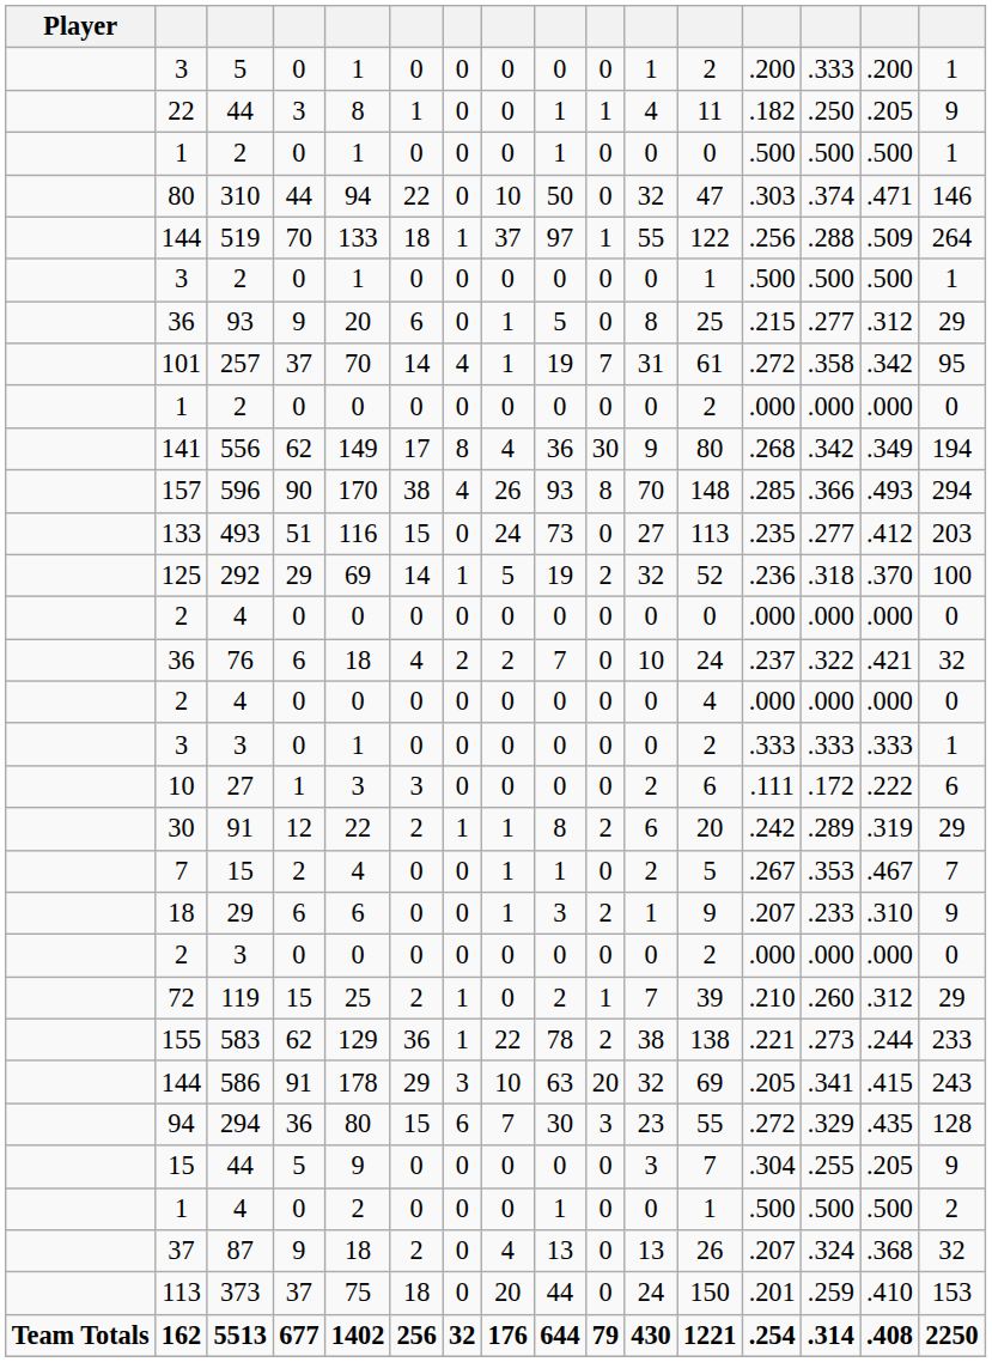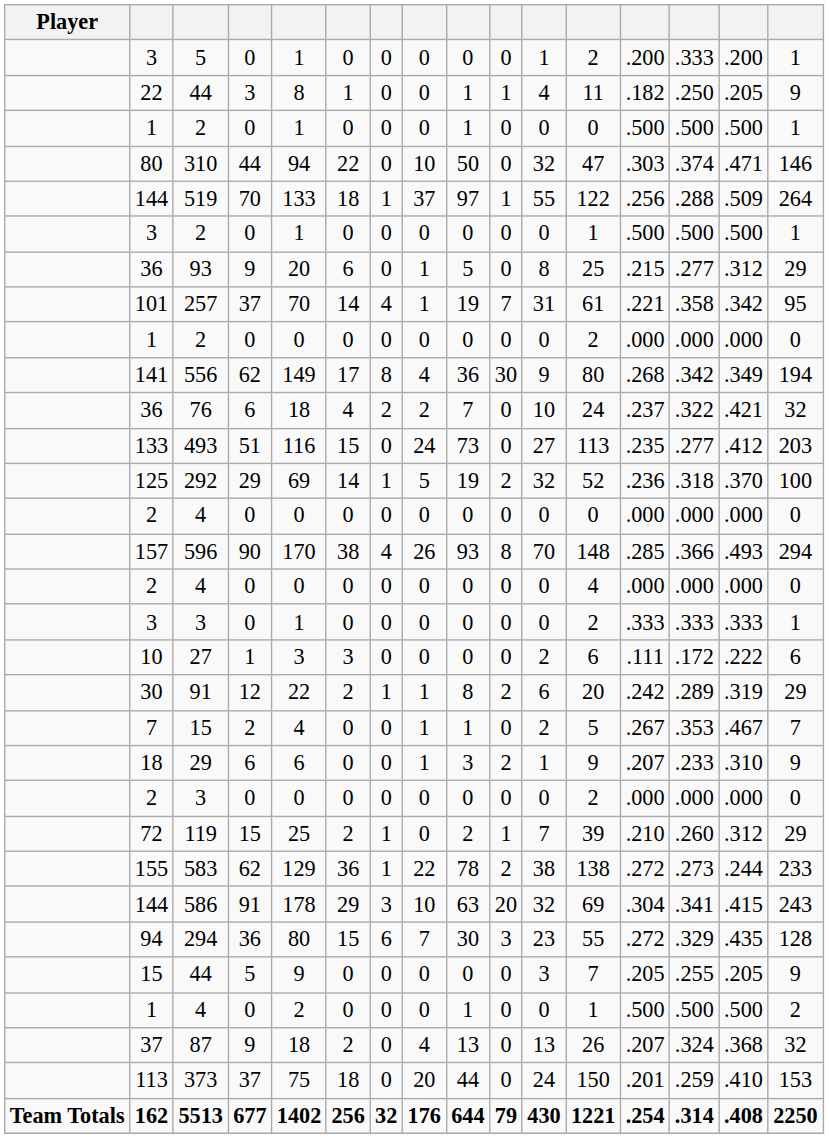 <table class="wikitable sortable" style="text-align:center;">
 <tr>
 <th>Player</th>
 <th></th>
 <th></th>
 <th></th>
 <th></th>
 <th></th>
 <th></th>
 <th></th>
 <th></th>
 <th></th>
 <th></th>
 <th></th>
 <th></th>
 <th></th>
 <th></th>
 <th></th>
 </tr>
 <tr>
 <td align=left></td>
 <td>3</td>
 <td>5</td>
 <td>0</td>
 <td>1</td>
 <td>0</td>
 <td>0</td>
 <td>0</td>
 <td>0</td>
 <td>0</td>
 <td>1</td>
 <td>2</td>
 <td>.200</td>
 <td>.333</td>
 <td>.200</td>
 <td>1</td>
 </tr>
 <tr>
 <td align=left><strong></strong></td>
 <td>22</td>
 <td>44</td>
 <td>3</td>
 <td>8</td>
 <td>1</td>
 <td>0</td>
 <td>0</td>
 <td>1</td>
 <td>1</td>
 <td>4</td>
 <td>11</td>
 <td>.182</td>
 <td>.250</td>
 <td>.205</td>
 <td>9</td>
 </tr>
 <tr>
 <td align=left></td>
 <td>1</td>
 <td>2</td>
 <td>0</td>
 <td>1</td>
 <td>0</td>
 <td>0</td>
 <td>0</td>
 <td>1</td>
 <td>0</td>
 <td>0</td>
 <td>0</td>
 <td>.500</td>
 <td>.500</td>
 <td>.500</td>
 <td>1</td>
 </tr>
 <tr>
 <td align=left><strong></strong></td>
 <td>80</td>
 <td>310</td>
 <td>44</td>
 <td>94</td>
 <td>22</td>
 <td>0</td>
 <td>10</td>
 <td>50</td>
 <td>0</td>
 <td>32</td>
 <td>47</td>
 <td>.303</td>
 <td>.374</td>
 <td>.471</td>
 <td>146</td>
 </tr>
 <tr>
 <td align=left><strong></strong></td>
 <td>144</td>
 <td>519</td>
 <td>70</td>
 <td>133</td>
 <td>18</td>
 <td>1</td>
 <td>37</td>
 <td>97</td>
 <td>1</td>
 <td>55</td>
 <td>122</td>
 <td>.256</td>
 <td>.288</td>
 <td>.509</td>
 <td>264</td>
 </tr>
 <tr>
 <td align=left><strong></strong></td>
 <td>3</td>
 <td>2</td>
 <td>0</td>
 <td>1</td>
 <td>0</td>
 <td>0</td>
 <td>0</td>
 <td>0</td>
 <td>0</td>
 <td>0</td>
 <td>1</td>
 <td>.500</td>
 <td>.500</td>
 <td>.500</td>
 <td>1</td>
 </tr>
 <tr>
 <td align=left><strong></strong></td>
 <td>36</td>
 <td>93</td>
 <td>9</td>
 <td>20</td>
 <td>6</td>
 <td>0</td>
 <td>1</td>
 <td>5</td>
 <td>0</td>
 <td>8</td>
 <td>25</td>
 <td>.215</td>
 <td>.277</td>
 <td>.312</td>
 <td>29</td>
 </tr>
 <tr>
 <td align=left><strong></strong></td>
 <td>101</td>
 <td>257</td>
 <td>37</td>
 <td>70</td>
 <td>14</td>
 <td>4</td>
 <td>1</td>
 <td>19</td>
 <td>7</td>
 <td>31</td>
 <td>61</td>
-<td>.272</td>
+<td>.221</td>
 <td>.358</td>
 <td>.342</td>
 <td>95</td>
 </tr>
 <tr>
 <td align=left><strong></strong></td>
 <td>1</td>
 <td>2</td>
 <td>0</td>
 <td>0</td>
 <td>0</td>
 <td>0</td>
 <td>0</td>
 <td>0</td>
 <td>0</td>
 <td>0</td>
 <td>2</td>
 <td>.000</td>
 <td>.000</td>
 <td>.000</td>
 <td>0</td>
 </tr>
 <tr>
 <td align=left><strong></strong></td>
 <td>141</td>
 <td>556</td>
 <td>62</td>
 <td>149</td>
 <td>17</td>
 <td>8</td>
 <td>4</td>
 <td>36</td>
 <td>30</td>
 <td>9</td>
 <td>80</td>
 <td>.268</td>
 <td>.342</td>
 <td>.349</td>
 <td>194</td>
 </tr>
 <tr>
 <td align=left><strong></strong></td>
-<td>157</td>
-<td>596</td>
-<td>90</td>
-<td>170</td>
-<td>38</td>
+<td>36</td>
+<td>76</td>
+<td>6</td>
+<td>18</td>
 <td>4</td>
-<td>26</td>
-<td>93</td>
-<td>8</td>
-<td>70</td>
-<td>148</td>
-<td>.285</td>
-<td>.366</td>
-<td>.493</td>
-<td>294</td>
+<td>2</td>
+<td>2</td>
+<td>7</td>
+<td>0</td>
+<td>10</td>
+<td>24</td>
+<td>.237</td>
+<td>.322</td>
+<td>.421</td>
+<td>32</td>
 </tr>
 <tr>
 <td align=left><strong></strong></td>
 <td>133</td>
 <td>493</td>
 <td>51</td>
 <td>116</td>
 <td>15</td>
 <td>0</td>
 <td>24</td>
 <td>73</td>
 <td>0</td>
 <td>27</td>
 <td>113</td>
 <td>.235</td>
 <td>.277</td>
 <td>.412</td>
 <td>203</td>
 </tr>
 <tr>
 <td align=left><strong></strong></td>
 <td>125</td>
 <td>292</td>
 <td>29</td>
 <td>69</td>
 <td>14</td>
 <td>1</td>
 <td>5</td>
 <td>19</td>
 <td>2</td>
 <td>32</td>
 <td>52</td>
 <td>.236</td>
 <td>.318</td>
 <td>.370</td>
 <td>100</td>
 </tr>
 <tr>
 <td align=left><strong></strong></td>
 <td>2</td>
 <td>4</td>
 <td>0</td>
 <td>0</td>
 <td>0</td>
 <td>0</td>
 <td>0</td>
 <td>0</td>
 <td>0</td>
 <td>0</td>
 <td>0</td>
 <td>.000</td>
 <td>.000</td>
 <td>.000</td>
 <td>0</td>
 </tr>
 <tr>
 <td align=left><strong></strong></td>
-<td>36</td>
-<td>76</td>
-<td>6</td>
-<td>18</td>
+<td>157</td>
+<td>596</td>
+<td>90</td>
+<td>170</td>
+<td>38</td>
 <td>4</td>
-<td>2</td>
-<td>2</td>
-<td>7</td>
-<td>0</td>
-<td>10</td>
-<td>24</td>
-<td>.237</td>
-<td>.322</td>
-<td>.421</td>
-<td>32</td>
+<td>26</td>
+<td>93</td>
+<td>8</td>
+<td>70</td>
+<td>148</td>
+<td>.285</td>
+<td>.366</td>
+<td>.493</td>
+<td>294</td>
 </tr>
 <tr>
 <td align=left><strong></strong></td>
 <td>2</td>
 <td>4</td>
 <td>0</td>
 <td>0</td>
 <td>0</td>
 <td>0</td>
 <td>0</td>
 <td>0</td>
 <td>0</td>
 <td>0</td>
 <td>4</td>
 <td>.000</td>
 <td>.000</td>
 <td>.000</td>
 <td>0</td>
 </tr>
 <tr>
 <td align=left><strong></strong></td>
 <td>3</td>
 <td>3</td>
 <td>0</td>
 <td>1</td>
 <td>0</td>
 <td>0</td>
 <td>0</td>
 <td>0</td>
 <td>0</td>
 <td>0</td>
 <td>2</td>
 <td>.333</td>
 <td>.333</td>
 <td>.333</td>
 <td>1</td>
 </tr>
 <tr>
 <td align=left></td>
 <td>10</td>
 <td>27</td>
 <td>1</td>
 <td>3</td>
 <td>3</td>
 <td>0</td>
 <td>0</td>
 <td>0</td>
 <td>0</td>
 <td>2</td>
 <td>6</td>
 <td>.111</td>
 <td>.172</td>
 <td>.222</td>
 <td>6</td>
 </tr>
 <tr>
 <td align=left><strong></strong></td>
 <td>30</td>
 <td>91</td>
 <td>12</td>
 <td>22</td>
 <td>2</td>
 <td>1</td>
 <td>1</td>
 <td>8</td>
 <td>2</td>
 <td>6</td>
 <td>20</td>
 <td>.242</td>
 <td>.289</td>
 <td>.319</td>
 <td>29</td>
 </tr>
 <tr>
 <td align=left></td>
 <td>7</td>
 <td>15</td>
 <td>2</td>
 <td>4</td>
 <td>0</td>
 <td>0</td>
 <td>1</td>
 <td>1</td>
 <td>0</td>
 <td>2</td>
 <td>5</td>
 <td>.267</td>
 <td>.353</td>
 <td>.467</td>
 <td>7</td>
 </tr>
 <tr>
 <td align=left><strong></strong></td>
 <td>18</td>
 <td>29</td>
 <td>6</td>
 <td>6</td>
 <td>0</td>
 <td>0</td>
 <td>1</td>
 <td>3</td>
 <td>2</td>
 <td>1</td>
 <td>9</td>
 <td>.207</td>
 <td>.233</td>
 <td>.310</td>
 <td>9</td>
 </tr>
 <tr>
 <td align=left><strong></strong></td>
 <td>2</td>
 <td>3</td>
 <td>0</td>
 <td>0</td>
 <td>0</td>
 <td>0</td>
 <td>0</td>
 <td>0</td>
 <td>0</td>
 <td>0</td>
 <td>2</td>
 <td>.000</td>
 <td>.000</td>
 <td>.000</td>
 <td>0</td>
 </tr>
 <tr>
 <td align=left><strong></strong></td>
 <td>72</td>
 <td>119</td>
 <td>15</td>
 <td>25</td>
 <td>2</td>
 <td>1</td>
 <td>0</td>
 <td>2</td>
 <td>1</td>
 <td>7</td>
 <td>39</td>
 <td>.210</td>
 <td>.260</td>
 <td>.312</td>
 <td>29</td>
 </tr>
 <tr>
 <td align=left><strong></strong></td>
 <td>155</td>
 <td>583</td>
 <td>62</td>
 <td>129</td>
 <td>36</td>
 <td>1</td>
 <td>22</td>
 <td>78</td>
 <td>2</td>
 <td>38</td>
 <td>138</td>
-<td>.221</td>
+<td>.272</td>
 <td>.273</td>
 <td>.244</td>
 <td>233</td>
 </tr>
 <tr>
 <td align=left><strong></strong></td>
 <td>144</td>
 <td>586</td>
 <td>91</td>
 <td>178</td>
 <td>29</td>
 <td>3</td>
 <td>10</td>
 <td>63</td>
 <td>20</td>
 <td>32</td>
 <td>69</td>
-<td>.205</td>
+<td>.304</td>
 <td>.341</td>
 <td>.415</td>
 <td>243</td>
 </tr>
 <tr>
 <td align=left><strong></strong></td>
 <td>94</td>
 <td>294</td>
 <td>36</td>
 <td>80</td>
 <td>15</td>
 <td>6</td>
 <td>7</td>
 <td>30</td>
 <td>3</td>
 <td>23</td>
 <td>55</td>
 <td>.272</td>
 <td>.329</td>
 <td>.435</td>
 <td>128</td>
 </tr>
 <tr>
 <td align=left></td>
 <td>15</td>
 <td>44</td>
 <td>5</td>
 <td>9</td>
 <td>0</td>
 <td>0</td>
 <td>0</td>
 <td>0</td>
 <td>0</td>
 <td>3</td>
 <td>7</td>
-<td>.304</td>
+<td>.205</td>
 <td>.255</td>
 <td>.205</td>
 <td>9</td>
 </tr>
 <tr>
 <td align=left></td>
 <td>1</td>
 <td>4</td>
 <td>0</td>
 <td>2</td>
 <td>0</td>
 <td>0</td>
 <td>0</td>
 <td>1</td>
 <td>0</td>
 <td>0</td>
 <td>1</td>
 <td>.500</td>
 <td>.500</td>
 <td>.500</td>
 <td>2</td>
 </tr>
 <tr>
 <td align=left><strong></strong></td>
 <td>37</td>
 <td>87</td>
 <td>9</td>
 <td>18</td>
 <td>2</td>
 <td>0</td>
 <td>4</td>
 <td>13</td>
 <td>0</td>
 <td>13</td>
 <td>26</td>
 <td>.207</td>
 <td>.324</td>
 <td>.368</td>
 <td>32</td>
 </tr>
 <tr>
 <td align=left><strong></strong></td>
 <td>113</td>
 <td>373</td>
 <td>37</td>
 <td>75</td>
 <td>18</td>
 <td>0</td>
 <td>20</td>
 <td>44</td>
 <td>0</td>
 <td>24</td>
 <td>150</td>
 <td>.201</td>
 <td>.259</td>
 <td>.410</td>
 <td>153</td>
 </tr>
 <tr>
 <td align=left><strong>Team Totals</strong></td>
 <td><strong>162</strong></td>
 <td><strong>5513</strong></td>
 <td><strong>677</strong></td>
 <td><strong>1402</strong></td>
 <td><strong>256</strong></td>
 <td><strong>32</strong></td>
 <td><strong>176</strong></td>
 <td><strong>644</strong></td>
 <td><strong>79</strong></td>
 <td><strong>430</strong></td>
 <td><strong>1221</strong></td>
 <td><strong>.254</strong></td>
 <td><strong>.314</strong></td>
 <td><strong>.408</strong></td>
 <td><strong>2250</strong></td>
 </tr>
 <tr class="sortbottom|}">
 </tr>
 </table>
